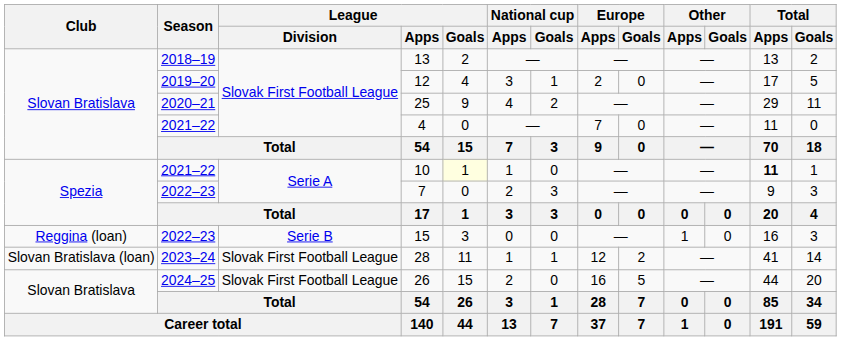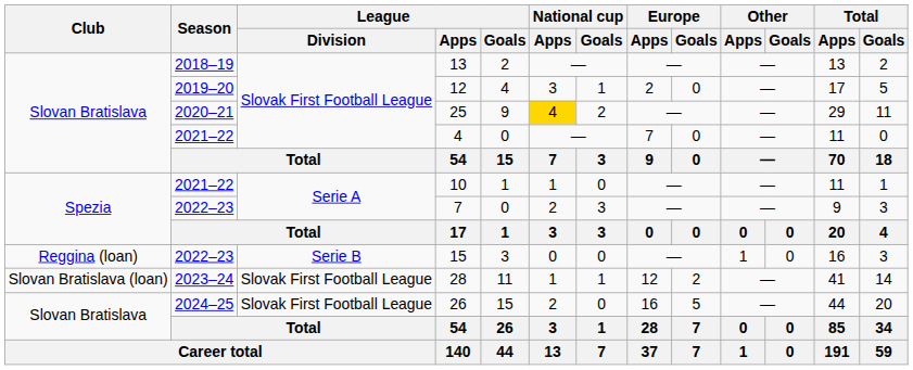 <table class="wikitable" style="text-align:center">
 <tr>
 <th rowspan="2">Club</th>
 <th rowspan="2">Season</th>
 <th colspan="3">League</th>
 <th colspan="2">National cup</th>
 <th colspan="2">Europe</th>
 <th colspan="2">Other</th>
 <th colspan="2">Total</th>
 </tr>
 <tr>
 <th>Division</th>
 <th>Apps</th>
 <th>Goals</th>
 <th>Apps</th>
 <th>Goals</th>
 <th>Apps</th>
 <th>Goals</th>
 <th>Apps</th>
 <th>Goals</th>
 <th>Apps</th>
 <th>Goals</th>
 </tr>
 <tr>
 <td rowspan="5"><a href='#'>Slovan Bratislava</a></td>
 <td><a href='#'>2018–19</a></td>
 <td rowspan="4"><a href='#'>Slovak First Football League</a></td>
 <td>13</td>
 <td>2</td>
 <td colspan="2">—</td>
 <td colspan="2">—</td>
 <td colspan="2">—</td>
 <td>13</td>
 <td>2</td>
 </tr>
 <tr>
 <td><a href='#'>2019–20</a></td>
 <td>12</td>
 <td>4</td>
 <td>3</td>
 <td>1</td>
 <td>2</td>
 <td>0</td>
 <td colspan="2">—</td>
 <td>17</td>
 <td>5</td>
 </tr>
 <tr>
 <td><a href='#'>2020–21</a></td>
 <td>25</td>
 <td>9</td>
-<td>4</td>
+<td style="background: gold;">4</td>
 <td>2</td>
 <td colspan="2">—</td>
 <td colspan="2">—</td>
 <td>29</td>
 <td>11</td>
 </tr>
 <tr>
 <td><a href='#'>2021–22</a></td>
 <td>4</td>
 <td>0</td>
 <td colspan="2">—</td>
 <td>7</td>
 <td>0</td>
 <td colspan="2">—</td>
 <td>11</td>
 <td>0</td>
 </tr>
 <tr>
 <th colspan="2">Total</th>
 <th>54</th>
 <th>15</th>
 <th>7</th>
 <th>3</th>
 <th>9</th>
 <th>0</th>
 <th colspan="2">—</th>
 <th>70</th>
 <th>18</th>
 </tr>
 <tr>
 <td rowspan="3"><a href='#'>Spezia</a></td>
 <td><a href='#'>2021–22</a></td>
 <td rowspan="2"><a href='#'>Serie A</a></td>
 <td>10</td>
-<td style="background: lightyellow;">1</td>
+<td>1</td>
 <td>1</td>
 <td>0</td>
 <td colspan="2">—</td>
 <td colspan="2">—</td>
-<td><strong>11</strong></td>
+<td>11</td>
 <td>1</td>
 </tr>
 <tr>
 <td><a href='#'>2022–23</a></td>
 <td>7</td>
 <td>0</td>
 <td>2</td>
 <td>3</td>
 <td colspan="2">—</td>
 <td colspan="2">—</td>
 <td>9</td>
 <td>3</td>
 </tr>
 <tr>
 <th colspan="2">Total</th>
 <th>17</th>
 <th>1</th>
 <th>3</th>
 <th>3</th>
 <th>0</th>
 <th>0</th>
 <th>0</th>
 <th>0</th>
 <th>20</th>
 <th>4</th>
 </tr>
 <tr>
 <td><a href='#'>Reggina</a> (loan)</td>
 <td><a href='#'>2022–23</a></td>
 <td><a href='#'>Serie B</a></td>
 <td>15</td>
 <td>3</td>
 <td>0</td>
 <td>0</td>
 <td colspan="2">—</td>
 <td>1</td>
 <td>0</td>
 <td>16</td>
 <td>3</td>
 </tr>
 <tr>
 <td>Slovan Bratislava (loan)</td>
 <td><a href='#'>2023–24</a></td>
 <td>Slovak First Football League</td>
 <td>28</td>
 <td>11</td>
 <td>1</td>
 <td>1</td>
 <td>12</td>
 <td>2</td>
 <td colspan="2">—</td>
 <td>41</td>
 <td>14</td>
 </tr>
 <tr>
 <td rowspan="2">Slovan Bratislava</td>
 <td><a href='#'>2024–25</a></td>
 <td>Slovak First Football League</td>
 <td>26</td>
 <td>15</td>
 <td>2</td>
 <td>0</td>
 <td>16</td>
 <td>5</td>
 <td colspan="2">—</td>
 <td>44</td>
 <td>20</td>
 </tr>
 <tr>
 <th colspan="2">Total</th>
 <th>54</th>
 <th>26</th>
 <th>3</th>
 <th>1</th>
 <th>28</th>
 <th>7</th>
 <th>0</th>
 <th>0</th>
 <th>85</th>
 <th>34</th>
 </tr>
 <tr>
 <th colspan="3">Career total</th>
 <th>140</th>
 <th>44</th>
 <th>13</th>
 <th>7</th>
 <th>37</th>
 <th>7</th>
 <th>1</th>
 <th>0</th>
 <th>191</th>
 <th>59</th>
 </tr>
 </table>
